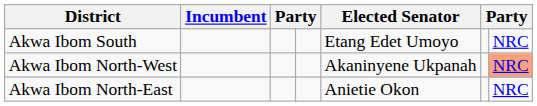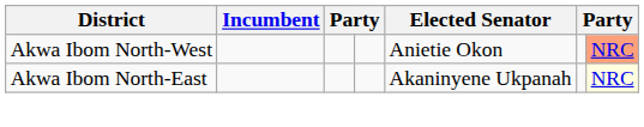 <table class="sortable wikitable" style="font-size:95%;line-height:14px;">
 <tr>
 <th class="unsortable">District</th>
 <th class="unsortable"><a href='#'>Incumbent</a></th>
 <th colspan="2">Party</th>
 <th class="unsortable">Elected Senator</th>
 <th colspan="2">Party</th>
 </tr>
 <tr>
-<td>Akwa Ibom South</td>
-<td></td>
-<td></td>
-<td></td>
-<td>Etang Edet Umoyo</td>
-<td style="background:"></td>
-<td><a href='#'>NRC</a></td>
-</tr>
-<tr>
 <td>Akwa Ibom North-West</td>
 <td></td>
 <td></td>
 <td></td>
-<td>Akaninyene Ukpanah</td>
+<td>Anietie Okon</td>
 <td style="background:"></td>
 <td style="background: lightsalmon;"><a href='#'>NRC</a></td>
 </tr>
 <tr>
 <td>Akwa Ibom North-East</td>
 <td></td>
 <td></td>
 <td></td>
-<td>Anietie Okon</td>
+<td>Akaninyene Ukpanah</td>
 <td style="background:"></td>
-<td><a href='#'>NRC</a></td>
+<td style="background: lightyellow;"><a href='#'>NRC</a></td>
 </tr>
 </table>
